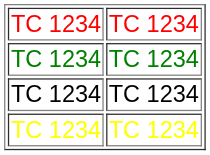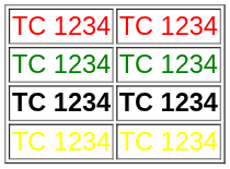 <table border="1" style="margin:1em auto;">
 <tr size="40"  style="text-align:center; color:red; font-size:14pt; background:white;">
 <td>TC 1234</td>
 <td>TC 1234</td>
 </tr>
 <tr style="text-align:center; color:green; font-size:14pt; background:white;">
 <td>TC 1234</td>
 <td>TC 1234</td>
 </tr>
 <tr style="text-align:center; color:black; font-size:14pt; background:white;">
-<td>TC 1234</td>
-<td>TC 1234</td>
+<td><strong>TC 1234</strong></td>
+<td><strong>TC 1234</strong></td>
 </tr>
 <tr style="text-align:center; color:yellow; font-size:14pt; background:white;">
 <td>TC 1234</td>
 <td>TC 1234</td>
 </tr>
 </table>
